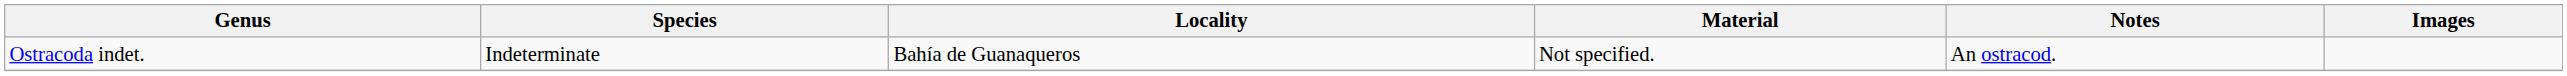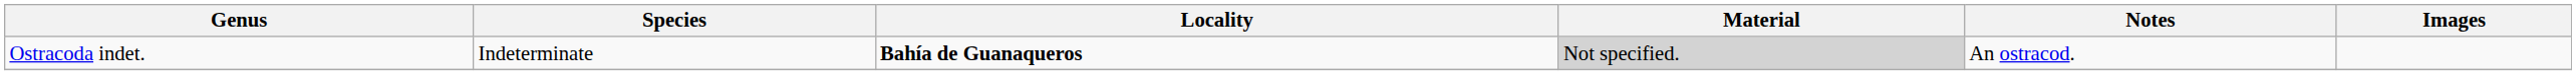 <table class="wikitable" align="center" width="100%">
 <tr>
 <th>Genus</th>
 <th>Species</th>
 <th>Locality</th>
 <th>Material</th>
 <th>Notes</th>
 <th>Images</th>
 </tr>
 <tr>
 <td><a href='#'>Ostracoda</a> indet.</td>
 <td>Indeterminate</td>
-<td>Bahía de Guanaqueros</td>
-<td>Not specified.</td>
+<td><strong>Bahía de Guanaqueros</strong></td>
+<td style="background: lightgrey;">Not specified.</td>
 <td>An <a href='#'>ostracod</a>.</td>
 <td></td>
 </tr>
 <tr>
 </tr>
 </table>
